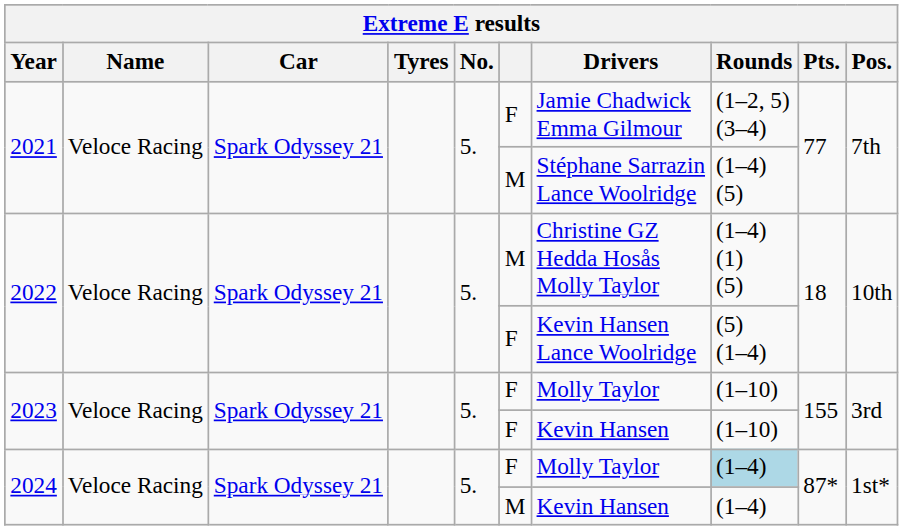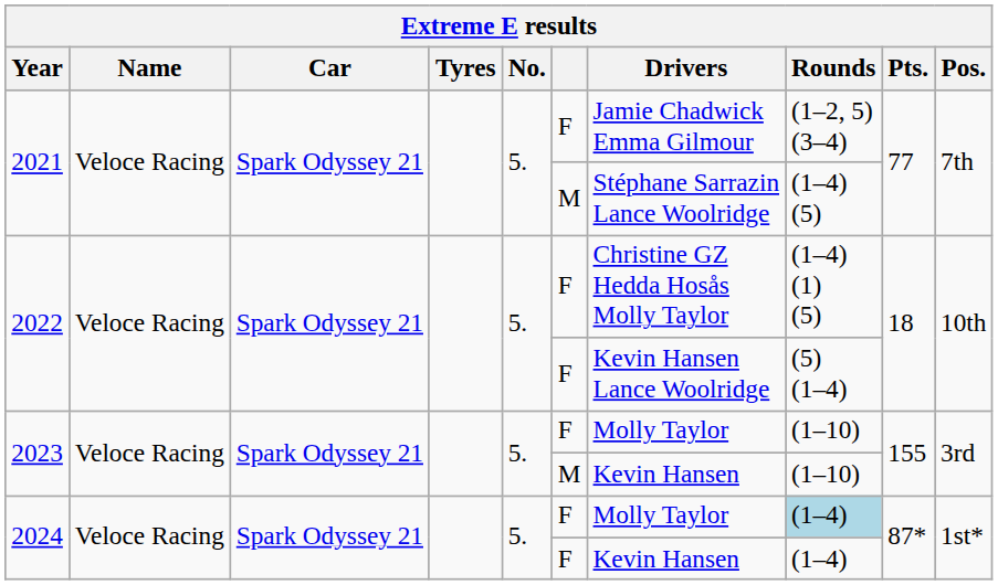 <table class="wikitable" style="font-size:85%;">
 <tr>
 <th colspan="10"><a href='#'>Extreme E</a> results</th>
 </tr>
 <tr>
 <th>Year</th>
 <th>Name</th>
 <th>Car</th>
 <th>Tyres</th>
 <th>No.</th>
 <th></th>
 <th>Drivers</th>
 <th>Rounds</th>
 <th>Pts.</th>
 <th>Pos.</th>
 </tr>
 <tr>
 <td rowspan="2"><a href='#'>2021</a></td>
 <td rowspan="2"> Veloce Racing</td>
 <td rowspan="2"><a href='#'>Spark Odyssey 21</a></td>
 <td rowspan="2"></td>
 <td rowspan="2">5.</td>
 <td>F</td>
 <td> <a href='#'>Jamie Chadwick</a><br> <a href='#'>Emma Gilmour</a></td>
 <td>(1–2, 5)<br>(3–4)</td>
 <td rowspan="2">77</td>
 <td rowspan="2">7th</td>
 </tr>
 <tr>
 <td>M</td>
 <td> <a href='#'>Stéphane Sarrazin</a><br> <a href='#'>Lance Woolridge</a></td>
 <td>(1–4)<br>(5)</td>
 </tr>
 <tr>
 <td rowspan="2"><a href='#'>2022</a></td>
 <td rowspan="2"> Veloce Racing</td>
 <td rowspan="2"><a href='#'>Spark Odyssey 21</a></td>
 <td rowspan="2"></td>
 <td rowspan="2">5.</td>
-<td>M</td>
+<td>F</td>
 <td> <a href='#'>Christine GZ</a><br> <a href='#'>Hedda Hosås</a><br> <a href='#'>Molly Taylor</a></td>
 <td>(1–4)<br>(1)<br>(5)</td>
 <td rowspan="2">18</td>
 <td rowspan="2">10th</td>
 </tr>
 <tr>
 <td>F</td>
 <td> <a href='#'>Kevin Hansen</a><br> <a href='#'>Lance Woolridge</a></td>
 <td>(5)<br>(1–4)</td>
 </tr>
 <tr>
 <td rowspan="2"><a href='#'>2023</a></td>
 <td rowspan="2"> Veloce Racing</td>
 <td rowspan="2"><a href='#'>Spark Odyssey 21</a></td>
 <td rowspan="2"></td>
 <td rowspan="2">5.</td>
 <td>F</td>
 <td> <a href='#'>Molly Taylor</a></td>
 <td>(1–10)</td>
 <td rowspan="2">155</td>
 <td rowspan="2">3rd</td>
 </tr>
 <tr>
-<td>F</td>
+<td>M</td>
 <td> <a href='#'>Kevin Hansen</a></td>
 <td>(1–10)</td>
 </tr>
 <tr>
 <td rowspan="2"><a href='#'>2024</a></td>
 <td rowspan="2"> Veloce Racing</td>
 <td rowspan="2"><a href='#'>Spark Odyssey 21</a></td>
 <td rowspan="2"></td>
 <td rowspan="2">5.</td>
 <td>F</td>
 <td> <a href='#'>Molly Taylor</a></td>
 <td style="background: lightblue;">(1–4)</td>
 <td rowspan="2">87*</td>
 <td rowspan="2">1st*</td>
 </tr>
 <tr>
-<td>M</td>
+<td>F</td>
 <td> <a href='#'>Kevin Hansen</a></td>
 <td>(1–4)</td>
 </tr>
 </table>
